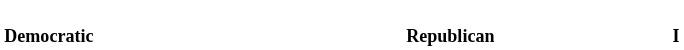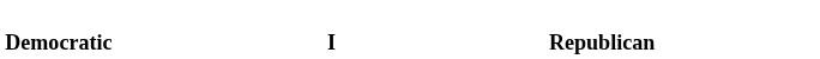 <table style="width:60%; text-align:center">
 <tr style="color:white">
 <td style="background:"><strong>211</strong></td>
+<td style="background:"><strong>1</strong></td>
 <td style="background:"><strong>223</strong></td>
-<td style="background:"><strong>1</strong></td>
 </tr>
 <tr>
 <td><span><strong>Democratic</strong></span></td>
+<td><span><strong>I</strong></span></td>
 <td><span><strong>Republican</strong></span></td>
-<td><span><strong>I</strong></span></td>
 </tr>
 </table>
